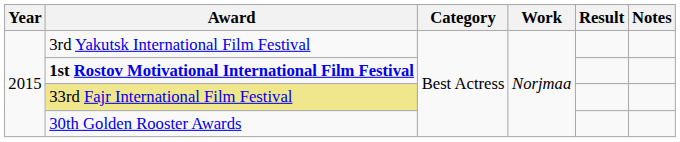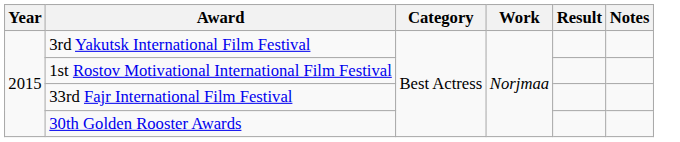 <table class="wikitable">
 <tr>
 <th>Year</th>
 <th>Award</th>
 <th>Category</th>
 <th>Work</th>
 <th>Result</th>
 <th>Notes</th>
 </tr>
 <tr>
 <td rowspan="4">2015</td>
 <td>3rd <a href='#'>Yakutsk International Film Festival</a></td>
 <td rowspan="4">Best Actress</td>
 <td rowspan="4"><em>Norjmaa</em></td>
 <td></td>
 <td></td>
 </tr>
 <tr>
-<td><strong>1st <a href='#'>Rostov Motivational International Film Festival</a></strong></td>
+<td>1st <a href='#'>Rostov Motivational International Film Festival</a></td>
 <td></td>
 <td></td>
 </tr>
 <tr>
-<td style="background: khaki;">33rd <a href='#'>Fajr International Film Festival</a></td>
+<td>33rd <a href='#'>Fajr International Film Festival</a></td>
 <td></td>
 <td></td>
 </tr>
 <tr>
 <td><a href='#'>30th Golden Rooster Awards</a></td>
 <td></td>
 <td></td>
 </tr>
 </table>
